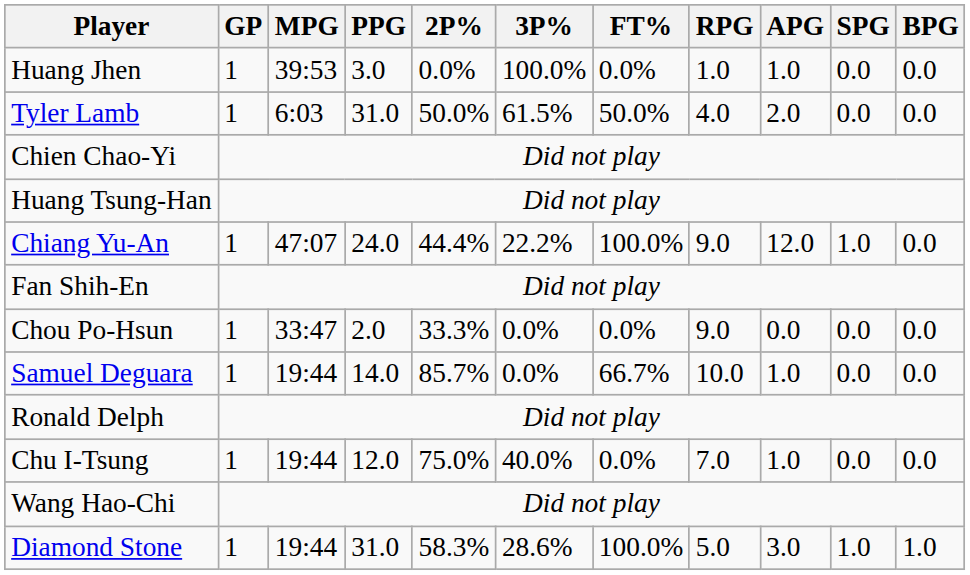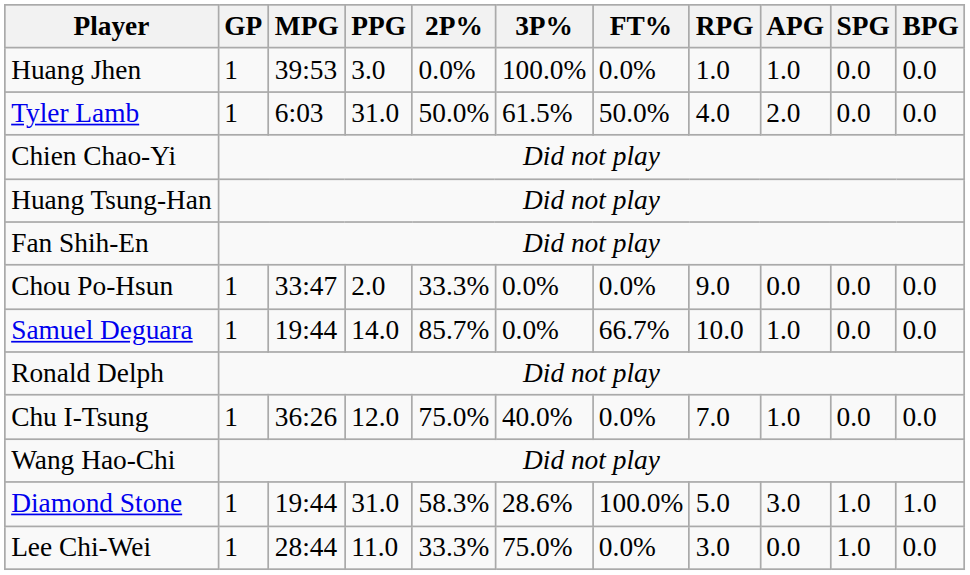 <table class="wikitable">
 <tr>
 <th>Player</th>
 <th>GP</th>
 <th>MPG</th>
 <th>PPG</th>
 <th>2P%</th>
 <th>3P%</th>
 <th>FT%</th>
 <th>RPG</th>
 <th>APG</th>
 <th>SPG</th>
 <th>BPG</th>
 </tr>
 <tr>
 <td>Huang Jhen</td>
 <td>1</td>
 <td>39:53</td>
 <td>3.0</td>
 <td>0.0%</td>
 <td>100.0%</td>
 <td>0.0%</td>
 <td>1.0</td>
 <td>1.0</td>
 <td>0.0</td>
 <td>0.0</td>
 </tr>
 <tr>
 <td><a href='#'>Tyler Lamb</a></td>
 <td>1</td>
 <td>6:03</td>
 <td>31.0</td>
 <td>50.0%</td>
 <td>61.5%</td>
 <td>50.0%</td>
 <td>4.0</td>
 <td>2.0</td>
 <td>0.0</td>
 <td>0.0</td>
 </tr>
 <tr>
 <td>Chien Chao-Yi</td>
 <td colspan=10 align=center><em>Did not play</em></td>
 </tr>
 <tr>
 <td>Huang Tsung-Han</td>
 <td colspan=10 align=center><em>Did not play</em></td>
 </tr>
 <tr>
-<td><a href='#'>Chiang Yu-An</a></td>
-<td>1</td>
-<td>47:07</td>
-<td>24.0</td>
-<td>44.4%</td>
-<td>22.2%</td>
-<td>100.0%</td>
-<td>9.0</td>
-<td>12.0</td>
-<td>1.0</td>
-<td>0.0</td>
-</tr>
-<tr>
 <td>Fan Shih-En</td>
 <td colspan=10 align=center><em>Did not play</em></td>
 </tr>
 <tr>
 <td>Chou Po-Hsun</td>
 <td>1</td>
 <td>33:47</td>
 <td>2.0</td>
 <td>33.3%</td>
 <td>0.0%</td>
 <td>0.0%</td>
 <td>9.0</td>
 <td>0.0</td>
 <td>0.0</td>
 <td>0.0</td>
 </tr>
 <tr>
 <td><a href='#'>Samuel Deguara</a></td>
 <td>1</td>
 <td>19:44</td>
 <td>14.0</td>
 <td>85.7%</td>
 <td>0.0%</td>
 <td>66.7%</td>
 <td>10.0</td>
 <td>1.0</td>
 <td>0.0</td>
 <td>0.0</td>
 </tr>
 <tr>
 <td>Ronald Delph</td>
 <td colspan=10 align=center><em>Did not play</em></td>
 </tr>
 <tr>
 <td>Chu I-Tsung</td>
 <td>1</td>
-<td>19:44</td>
+<td>36:26</td>
 <td>12.0</td>
 <td>75.0%</td>
 <td>40.0%</td>
 <td>0.0%</td>
 <td>7.0</td>
 <td>1.0</td>
 <td>0.0</td>
 <td>0.0</td>
 </tr>
 <tr>
 <td>Wang Hao-Chi</td>
 <td colspan=10 align=center><em>Did not play</em></td>
 </tr>
 <tr>
 <td><a href='#'>Diamond Stone</a></td>
 <td>1</td>
 <td>19:44</td>
 <td>31.0</td>
 <td>58.3%</td>
 <td>28.6%</td>
 <td>100.0%</td>
 <td>5.0</td>
 <td>3.0</td>
 <td>1.0</td>
 <td>1.0</td>
 </tr>
+<tr>
+<td>Lee Chi-Wei</td>
+<td>1</td>
+<td>28:44</td>
+<td>11.0</td>
+<td>33.3%</td>
+<td>75.0%</td>
+<td>0.0%</td>
+<td>3.0</td>
+<td>0.0</td>
+<td>1.0</td>
+<td>0.0</td>
+</tr>
 </table>
